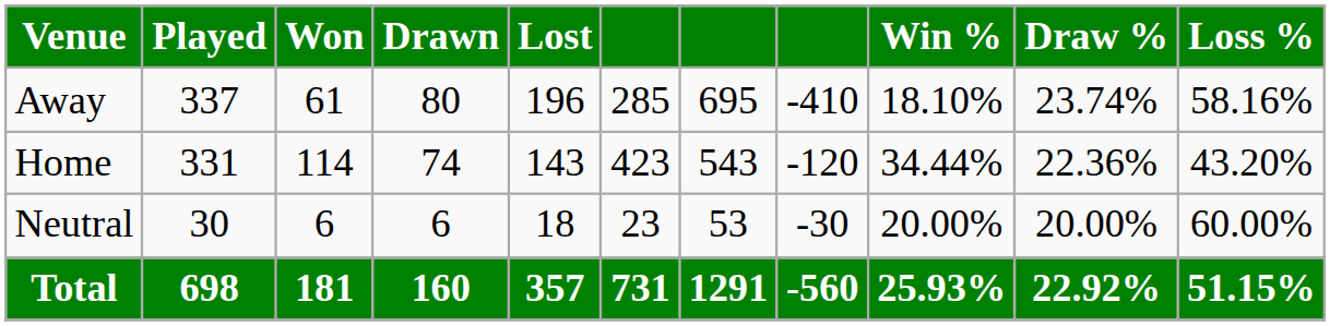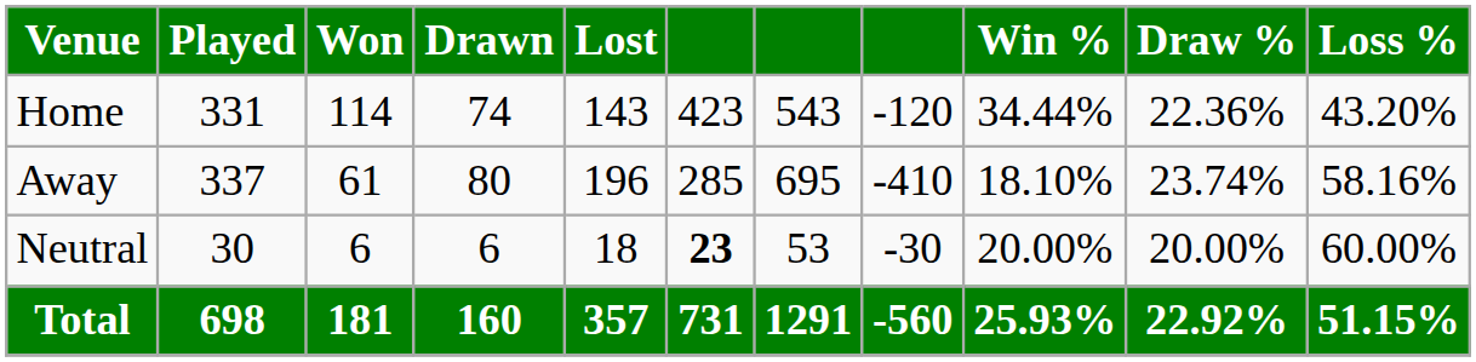 <table class="wikitable sortable" style="text-align:center">
 <tr>
 <th style="background-color:#008000; color:white; ">Venue</th>
 <th style="background-color:#008000; color:white; ">Played</th>
 <th style="background-color:#008000; color:white; ">Won</th>
 <th style="background-color:#008000; color:white; ">Drawn</th>
 <th style="background-color:#008000; color:white; ">Lost</th>
 <th style="background-color:#008000; color:white; "></th>
 <th style="background-color:#008000; color:white; "></th>
 <th style="background-color:#008000; color:white; "></th>
 <th style="background-color:#008000; color:white; ">Win %</th>
 <th style="background-color:#008000; color:white; ">Draw %</th>
 <th style="background-color:#008000; color:white; ">Loss %</th>
 </tr>
 <tr>
+<td style="text-align:left;">Home</td>
+<td>331</td>
+<td>114</td>
+<td>74</td>
+<td>143</td>
+<td>423</td>
+<td>543</td>
+<td>-120</td>
+<td>34.44%</td>
+<td>22.36%</td>
+<td>43.20%</td>
+</tr>
+<tr>
 <td style="text-align:left;">Away</td>
 <td>337</td>
 <td>61</td>
 <td>80</td>
 <td>196</td>
 <td>285</td>
 <td>695</td>
 <td>-410</td>
 <td>18.10%</td>
 <td>23.74%</td>
 <td>58.16%</td>
 </tr>
 <tr>
-<td style="text-align:left;">Home</td>
-<td>331</td>
-<td>114</td>
-<td>74</td>
-<td>143</td>
-<td>423</td>
-<td>543</td>
-<td>-120</td>
-<td>34.44%</td>
-<td>22.36%</td>
-<td>43.20%</td>
-</tr>
-<tr>
 <td style="text-align:left;">Neutral</td>
 <td>30</td>
 <td>6</td>
 <td>6</td>
 <td>18</td>
-<td>23</td>
+<td><strong>23</strong></td>
 <td>53</td>
 <td>-30</td>
 <td>20.00%</td>
 <td>20.00%</td>
 <td>60.00%</td>
 </tr>
 <tr class="sortbottom">
 <th style="background-color:#008000; color:white; "><strong>Total</strong></th>
 <th style="background-color:#008000; color:white; "><strong>698</strong></th>
 <th style="background-color:#008000; color:white; "><strong>181</strong></th>
 <th style="background-color:#008000; color:white; "><strong>160</strong></th>
 <th style="background-color:#008000; color:white; "><strong>357</strong></th>
 <th style="background-color:#008000; color:white; "><strong>731</strong></th>
 <th style="background-color:#008000; color:white; "><strong>1291</strong></th>
 <th style="background-color:#008000; color:white; "><strong>-560</strong></th>
 <th style="background-color:#008000; color:white; "><strong>25.93%</strong></th>
 <th style="background-color:#008000; color:white; "><strong>22.92%</strong></th>
 <th style="background-color:#008000; color:white; "><strong>51.15%</strong></th>
 </tr>
 <tr>
 </tr>
 </table>
